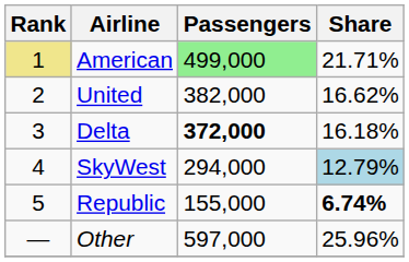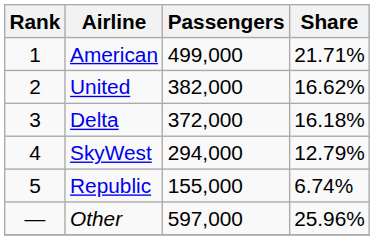 <table class="wikitable sortable" style="font-size: 95%">
 <tr>
 <th>Rank</th>
 <th>Airline</th>
 <th>Passengers</th>
 <th>Share</th>
 </tr>
 <tr>
-<td align=center style="background: khaki;">1</td>
+<td align=center>1</td>
 <td><a href='#'>American</a></td>
-<td style="background: lightgreen;">499,000</td>
+<td>499,000</td>
 <td>21.71%</td>
 </tr>
 <tr>
 <td align=center>2</td>
 <td><a href='#'>United</a></td>
 <td>382,000</td>
 <td>16.62%</td>
 </tr>
 <tr>
 <td align=center>3</td>
 <td><a href='#'>Delta</a></td>
-<td><strong>372,000</strong></td>
+<td>372,000</td>
 <td>16.18%</td>
 </tr>
 <tr>
 <td align=center>4</td>
 <td><a href='#'>SkyWest</a></td>
 <td>294,000</td>
-<td style="background: lightblue;">12.79%</td>
+<td>12.79%</td>
 </tr>
 <tr>
 <td align=center>5</td>
 <td><a href='#'>Republic</a></td>
 <td>155,000</td>
-<td><strong>6.74%</strong></td>
+<td>6.74%</td>
 </tr>
 <tr>
 <td align=center>—</td>
 <td><em>Other</em></td>
 <td>597,000</td>
 <td>25.96%</td>
 </tr>
 <tr>
 </tr>
 </table>
